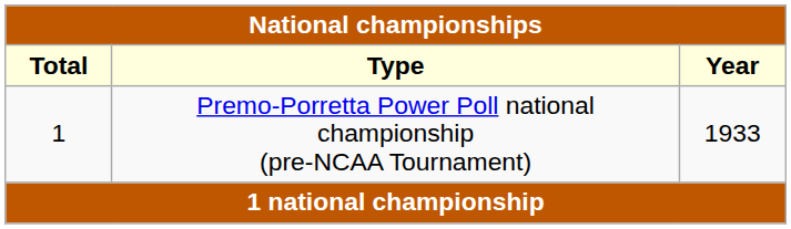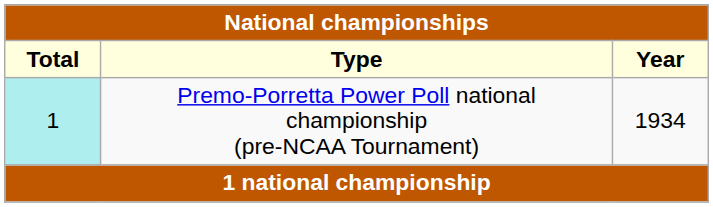 <table class="wikitable" style="text-align:center"; border="1";>
 <tr>
 <th colspan=8 style="background: #BF5700; color:white">National championships</th>
 </tr>
 <tr>
 <th style="width:60px; background: #ffffdd; text-align:center">Total</th>
 <th style="width:350px; background: #ffffdd; text-align:center">Type</th>
 <th style="width:60px; background: #ffffdd; text-align:center">Year</th>
 </tr>
 <tr style="text-align:center">
-<td>1</td>
+<td style="background: paleturquoise;">1</td>
 <td><a href='#'>Premo-Porretta Power Poll</a> national championship<br>(pre-NCAA Tournament)</td>
-<td>1933</td>
+<td>1934</td>
 </tr>
 <tr style="text-align:center">
 <th colspan=3 style="background: #BF5700; color:white">1 national championship</th>
 </tr>
 </table>
